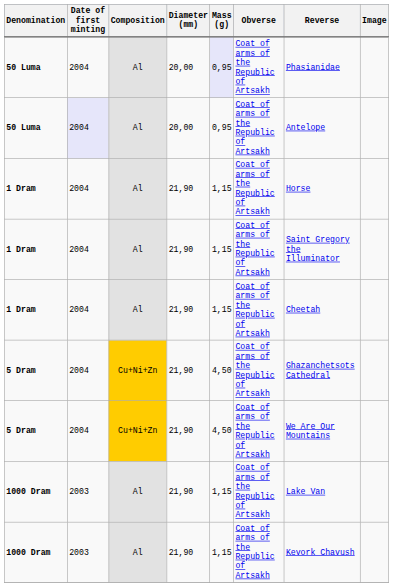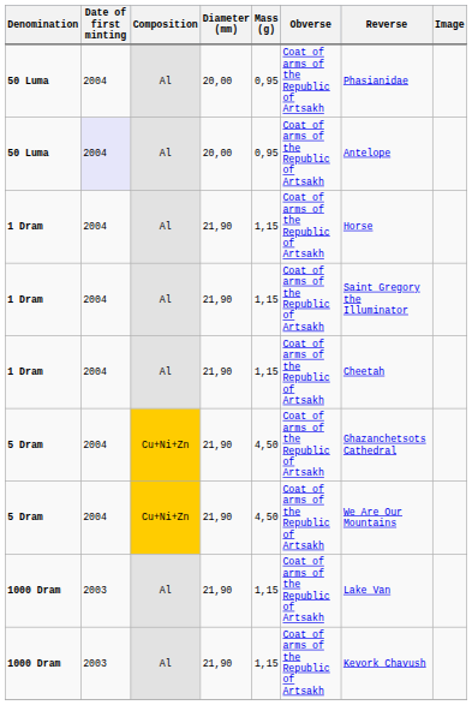 <table class="wikitable">
 <tr style="text-align:center; border-bottom:2px solid gray;" bgcolor="lightsteelblue">
 <th>Denomination</th>
 <th>Date of first minting</th>
 <th>Composition</th>
 <th>Diameter<br>(mm)</th>
 <th>Mass<br>(g)</th>
 <th>Obverse</th>
 <th>Reverse</th>
 <th>Image</th>
 </tr>
 <tr style="text-align:center; border-bottom:2px solid gray;" bgcolor="lightsteelblue">
 </tr>
 <tr>
 <td><strong>50 Luma</strong></td>
 <td>2004</td>
 <td align="center" bgcolor="#E2E2E2">Al</td>
 <td>20,00</td>
-<td style="background: lavender;">0,95</td>
+<td>0,95</td>
 <td><a href='#'>Coat of arms of the Republic of Artsakh</a></td>
 <td><a href='#'>Phasianidae</a></td>
 <td></td>
 </tr>
 <tr>
 <td><strong>50 Luma</strong></td>
 <td style="background: lavender;">2004</td>
 <td align="center" bgcolor="#E2E2E2">Al</td>
 <td>20,00</td>
 <td>0,95</td>
 <td><a href='#'>Coat of arms of the Republic of Artsakh</a></td>
 <td><a href='#'>Antelope</a></td>
 <td></td>
 </tr>
 <tr>
 <td><strong>1 Dram</strong></td>
 <td>2004</td>
 <td align="center" bgcolor="#E2E2E2">Al</td>
 <td>21,90</td>
 <td>1,15</td>
 <td><a href='#'>Coat of arms of the Republic of Artsakh</a></td>
 <td><a href='#'>Horse</a></td>
 <td></td>
 </tr>
 <tr>
 <td><strong>1 Dram</strong></td>
 <td>2004</td>
 <td align="center" bgcolor="#E2E2E2">Al</td>
 <td>21,90</td>
 <td>1,15</td>
 <td><a href='#'>Coat of arms of the Republic of Artsakh</a></td>
 <td><a href='#'>Saint Gregory the Illuminator</a></td>
 <td></td>
 </tr>
 <tr>
 <td><strong>1 Dram</strong></td>
 <td>2004</td>
 <td align="center" bgcolor="#E2E2E2">Al</td>
 <td>21,90</td>
 <td>1,15</td>
 <td><a href='#'>Coat of arms of the Republic of Artsakh</a></td>
 <td><a href='#'>Cheetah</a></td>
 <td></td>
 </tr>
 <tr>
 <td><strong>5 Dram</strong></td>
 <td>2004</td>
 <td align="center" bgcolor="#FFCC00">Cu+Ni+Zn</td>
 <td>21,90</td>
 <td>4,50</td>
 <td><a href='#'>Coat of arms of the Republic of Artsakh</a></td>
 <td><a href='#'>Ghazanchetsots Cathedral</a></td>
 <td></td>
 </tr>
 <tr>
 <td><strong>5 Dram</strong></td>
 <td>2004</td>
 <td align="center" bgcolor="#FFCC00">Cu+Ni+Zn</td>
 <td>21,90</td>
 <td>4,50</td>
 <td><a href='#'>Coat of arms of the Republic of Artsakh</a></td>
 <td><a href='#'>We Are Our Mountains</a></td>
 <td></td>
 </tr>
 <tr>
 <td><strong>1000 Dram</strong></td>
 <td>2003</td>
 <td align="center" bgcolor="#E2E2E2">Al</td>
 <td>21,90</td>
 <td>1,15</td>
 <td><a href='#'>Coat of arms of the Republic of Artsakh</a></td>
 <td><a href='#'>Lake Van</a></td>
 <td></td>
 </tr>
 <tr>
 <td><strong>1000 Dram</strong></td>
 <td>2003</td>
 <td align="center" bgcolor="#E2E2E2">Al</td>
 <td>21,90</td>
 <td>1,15</td>
 <td><a href='#'>Coat of arms of the Republic of Artsakh</a></td>
 <td><a href='#'>Kevork Chavush</a></td>
 <td></td>
 </tr>
 <tr>
 </tr>
 </table>
